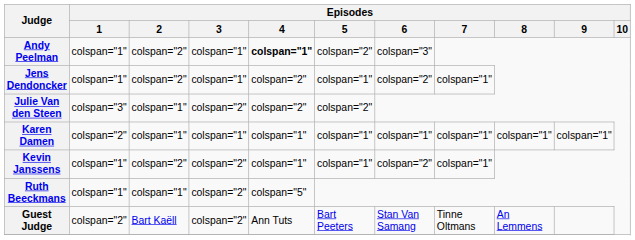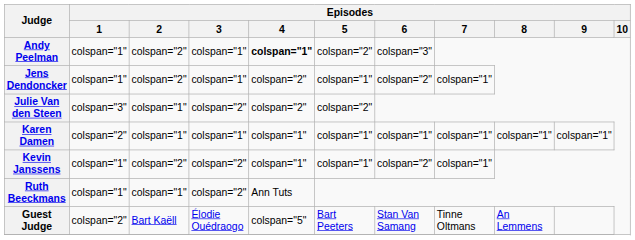 <table class="wikitable plainrowheaders collapsible mw-collapsible" style="width:100%">
 <tr>
 <th rowspan="2" style="width:10%">Judge</th>
 <th colspan="10">Episodes</th>
 </tr>
 <tr>
 <th style="width:8%">1</th>
 <th style="width:8%">2</th>
 <th style="width:8%">3</th>
 <th style="width:8%">4</th>
 <th style="width:8%">5</th>
 <th style="width:8%">6</th>
 <th style="width:8%">7</th>
 <th style="width:8%">8</th>
 <th style="width:8%">9</th>
 <th style="width:8%">10</th>
 </tr>
 <tr>
 <th scope="row" style="text-align:center"><a href='#'>Andy Peelman</a></th>
 <td>colspan="1" </td>
 <td>colspan="2" </td>
 <td>colspan="1" </td>
 <td><strong>colspan="1" </strong></td>
 <td>colspan="2" </td>
 <td>colspan="3" </td>
 </tr>
 <tr>
 <th scope="row" style="text-align:center"><a href='#'>Jens Dendoncker</a></th>
 <td>colspan="1" </td>
 <td>colspan="2" </td>
 <td>colspan="1" </td>
 <td>colspan="2" </td>
 <td>colspan="1" </td>
 <td>colspan="2" </td>
 <td>colspan="1" </td>
 </tr>
 <tr>
 <th scope="row" style="text-align:center"><a href='#'>Julie Van den Steen</a></th>
 <td>colspan="3" </td>
 <td>colspan="1" </td>
 <td>colspan="2" </td>
 <td>colspan="2" </td>
 <td>colspan="2" </td>
 </tr>
 <tr>
 <th scope="row" style="text-align:center"><a href='#'>Karen Damen</a></th>
 <td>colspan="2" </td>
 <td>colspan="1" </td>
 <td>colspan="1" </td>
 <td>colspan="1" </td>
 <td>colspan="1" </td>
 <td>colspan="1" </td>
 <td>colspan="1" </td>
 <td>colspan="1" </td>
 <td>colspan="1" </td>
 </tr>
 <tr>
 <th scope="row" style="text-align:center"><a href='#'>Kevin Janssens</a></th>
 <td>colspan="1" </td>
 <td>colspan="2" </td>
 <td>colspan="2" </td>
 <td>colspan="1" </td>
 <td>colspan="1" </td>
 <td>colspan="2" </td>
 <td>colspan="1" </td>
 </tr>
 <tr>
 <th scope="row" style="text-align:center"><a href='#'>Ruth Beeckmans</a></th>
 <td>colspan="1" </td>
 <td>colspan="1" </td>
 <td>colspan="2" </td>
-<td>colspan="5" </td>
+<td> Ann Tuts</td>
 </tr>
 <tr>
 <th scope="row" style="text-align:center">Guest Judge</th>
 <td>colspan="2" </td>
 <td> <a href='#'>Bart Kaëll</a></td>
-<td>colspan="2" </td>
-<td> Ann Tuts</td>
+<td><a href='#'>Élodie Ouédraogo</a></td>
+<td>colspan="5" </td>
 <td><a href='#'>Bart Peeters</a></td>
 <td><a href='#'>Stan Van Samang</a></td>
 <td> Tinne Oltmans</td>
 <td> <a href='#'>An Lemmens</a></td>
 <td></td>
 </tr>
 <tr>
 </tr>
 </table>
